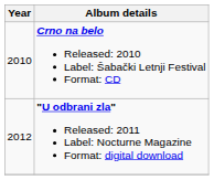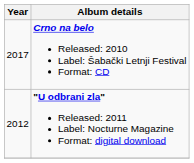 <table class ="wikitable">
 <tr>
 <th>Year</th>
 <th>Album details</th>
 </tr>
 <tr>
-<td align="center" rowspan="1">2010</td>
+<td align="center" rowspan="1">2017</td>
 <td><strong><em><a href='#'>Crno na belo</a></em></strong><br><ul><li>Released: 2010</li><li>Label: Šabački Letnji Festival</li><li>Format: <a href='#'>CD</a></li></ul></td>
 </tr>
 <tr>
 <td align="center" rowspan="1">2012</td>
 <td><strong>"<a href='#'>U odbrani zla</a>"</strong><br><ul><li>Released: 2011</li><li>Label: Nocturne Magazine</li><li>Format: <a href='#'>digital download</a></li></ul></td>
 </tr>
 <tr>
 </tr>
 </table>
